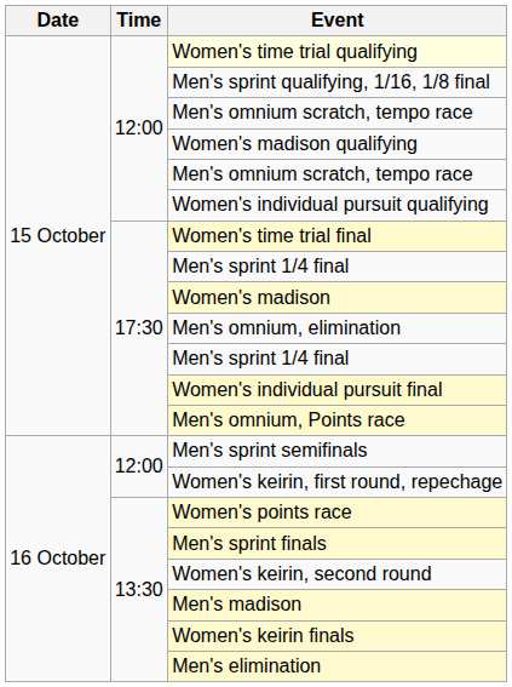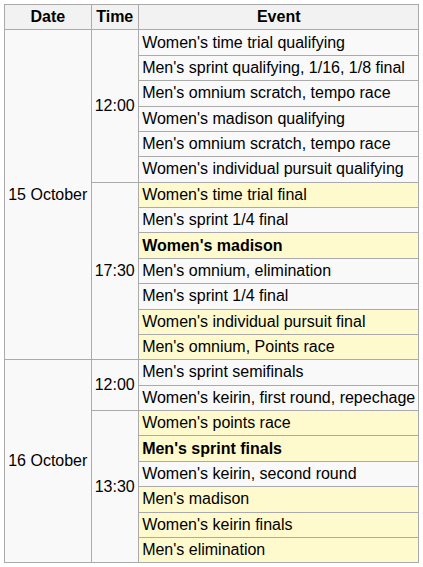 <table class="wikitable">
 <tr>
 <th>Date</th>
 <th>Time</th>
 <th>Event</th>
 </tr>
 <tr>
 <td rowspan=13>15 October</td>
 <td rowspan=6>12:00</td>
-<td style="background: lightyellow;">Women's time trial qualifying</td>
+<td>Women's time trial qualifying</td>
 </tr>
 <tr>
 <td>Men's sprint qualifying, 1/16, 1/8 final</td>
 </tr>
 <tr>
 <td>Men's omnium scratch, tempo race</td>
 </tr>
 <tr>
 <td>Women's madison qualifying</td>
 </tr>
 <tr>
 <td>Men's omnium scratch, tempo race</td>
 </tr>
 <tr>
 <td>Women's individual pursuit qualifying</td>
 </tr>
 <tr>
 <td rowspan=7>17:30</td>
 <td style="background:lemonchiffon">Women's time trial final</td>
 </tr>
 <tr>
 <td>Men's sprint 1/4 final</td>
 </tr>
 <tr>
-<td style="background:lemonchiffon">Women's madison</td>
+<td style="background:lemonchiffon"><strong>Women's madison</strong></td>
 </tr>
 <tr>
 <td>Men's omnium, elimination</td>
 </tr>
 <tr>
 <td>Men's sprint 1/4 final</td>
 </tr>
 <tr>
 <td style="background:lemonchiffon">Women's individual pursuit final</td>
 </tr>
 <tr>
 <td style="background:lemonchiffon">Men's omnium, Points race</td>
 </tr>
 <tr>
 <td rowspan=8>16 October</td>
 <td rowspan=2>12:00</td>
 <td>Men's sprint semifinals</td>
 </tr>
 <tr>
 <td>Women's keirin, first round, repechage</td>
 </tr>
 <tr>
 <td rowspan=6>13:30</td>
 <td style="background:lemonchiffon">Women's points race</td>
 </tr>
 <tr>
-<td style="background:lemonchiffon">Men's sprint finals</td>
+<td style="background:lemonchiffon"><strong>Men's sprint finals</strong></td>
 </tr>
 <tr>
 <td>Women's keirin, second round</td>
 </tr>
 <tr>
 <td style="background:lemonchiffon">Men's madison</td>
 </tr>
 <tr>
 <td style="background:lemonchiffon">Women's keirin finals</td>
 </tr>
 <tr>
 <td style="background:lemonchiffon">Men's elimination</td>
 </tr>
 </table>
